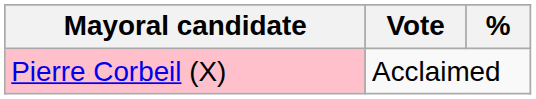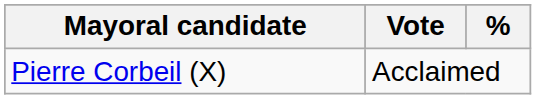 <table class="wikitable">
 <tr>
 <th bgcolor="#DDDDFF" width="200px">Mayoral candidate</th>
 <th bgcolor="#DDDDFF" width="50px">Vote</th>
 <th bgcolor="#DDDDFF"  width="30px">%</th>
 </tr>
 <tr>
-<td style="background: pink;"><a href='#'>Pierre Corbeil</a> (X)</td>
+<td><a href='#'>Pierre Corbeil</a> (X)</td>
 <td colspan="2">Acclaimed</td>
 </tr>
 </table>
